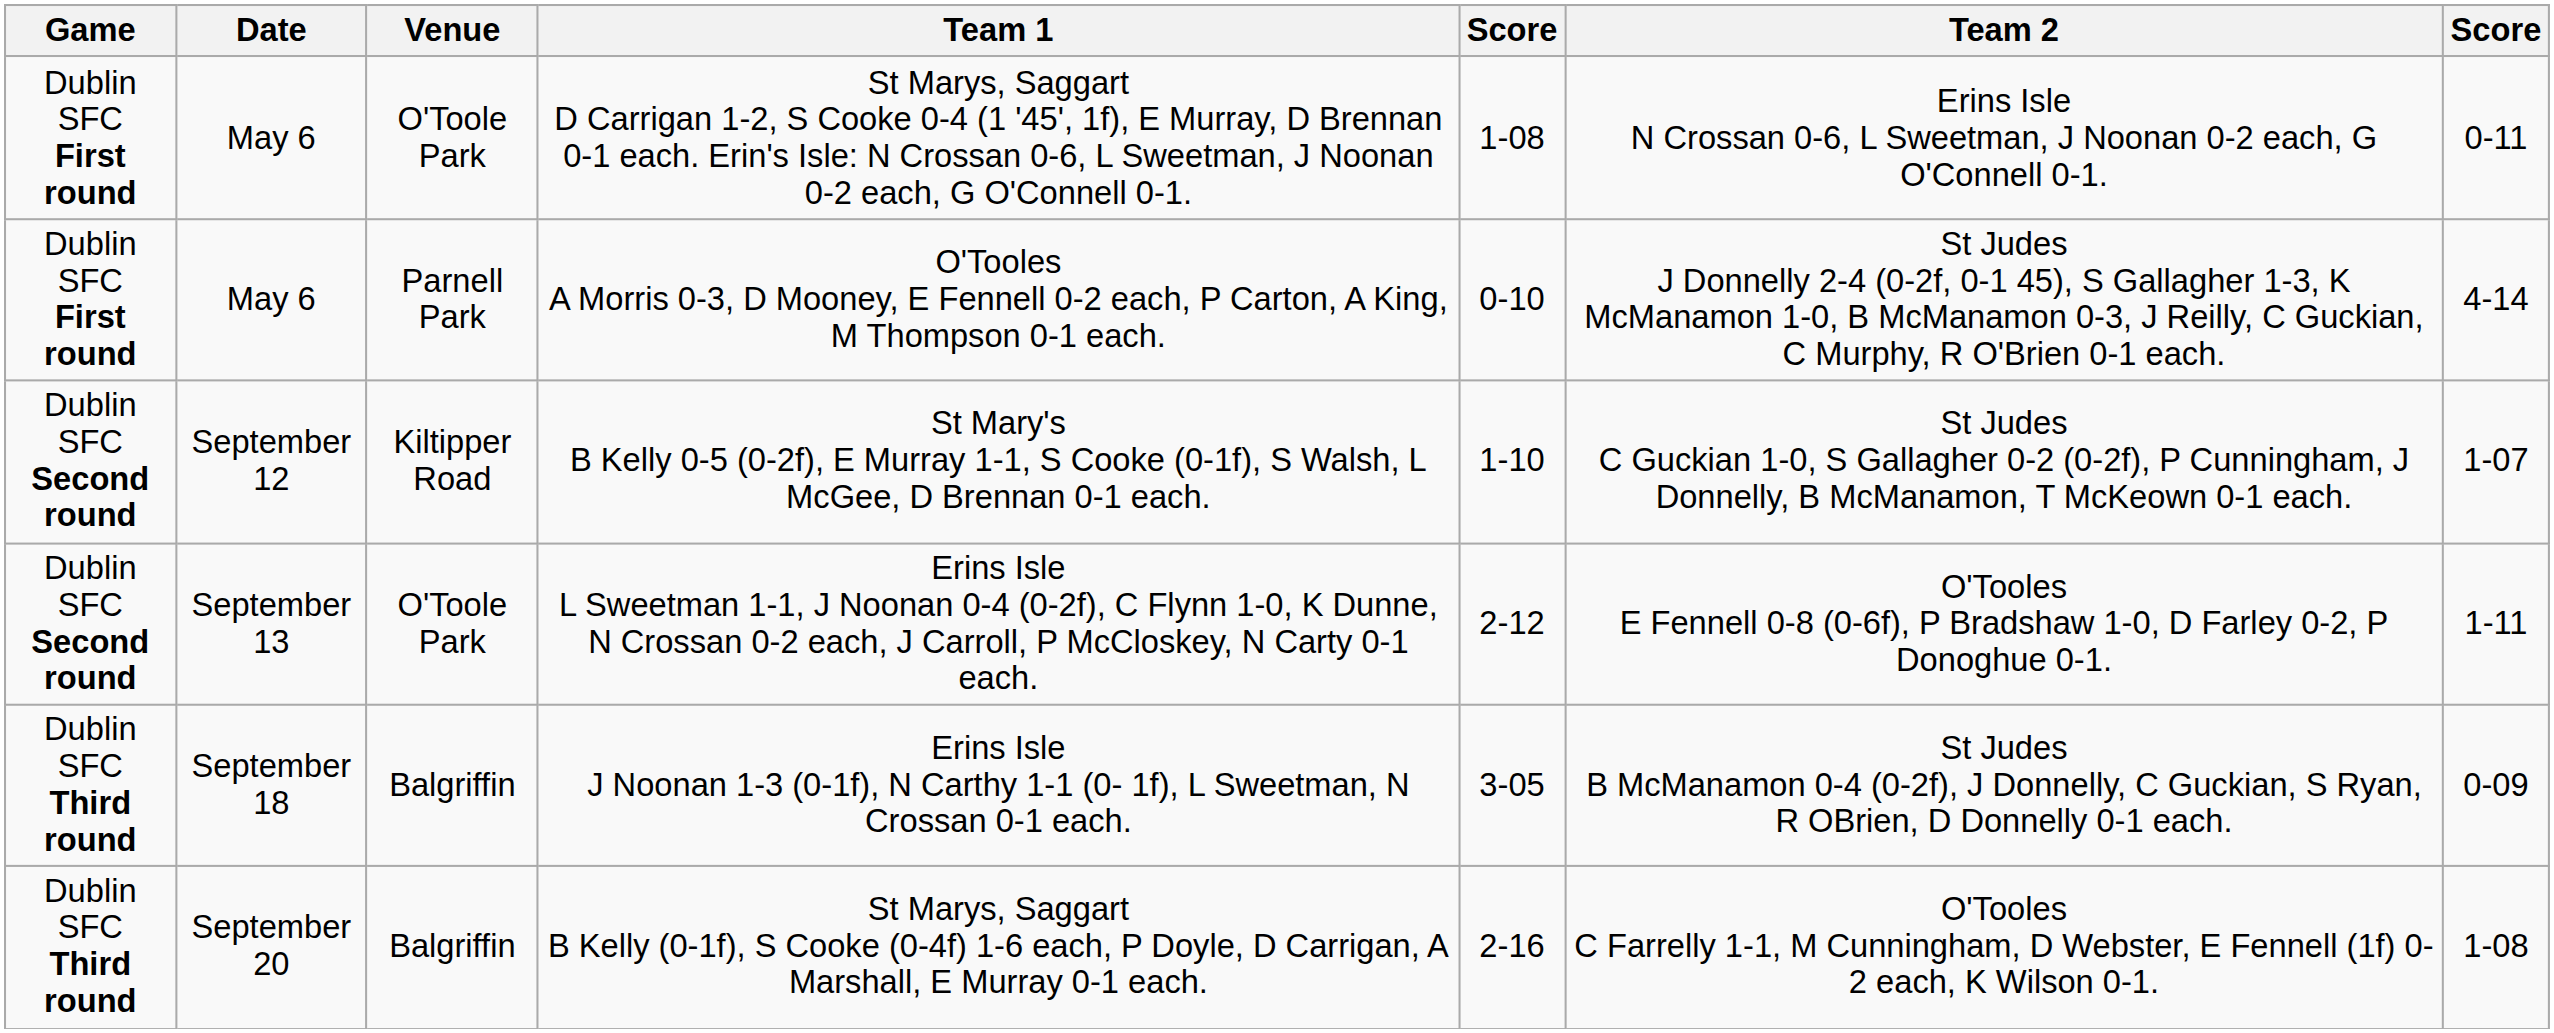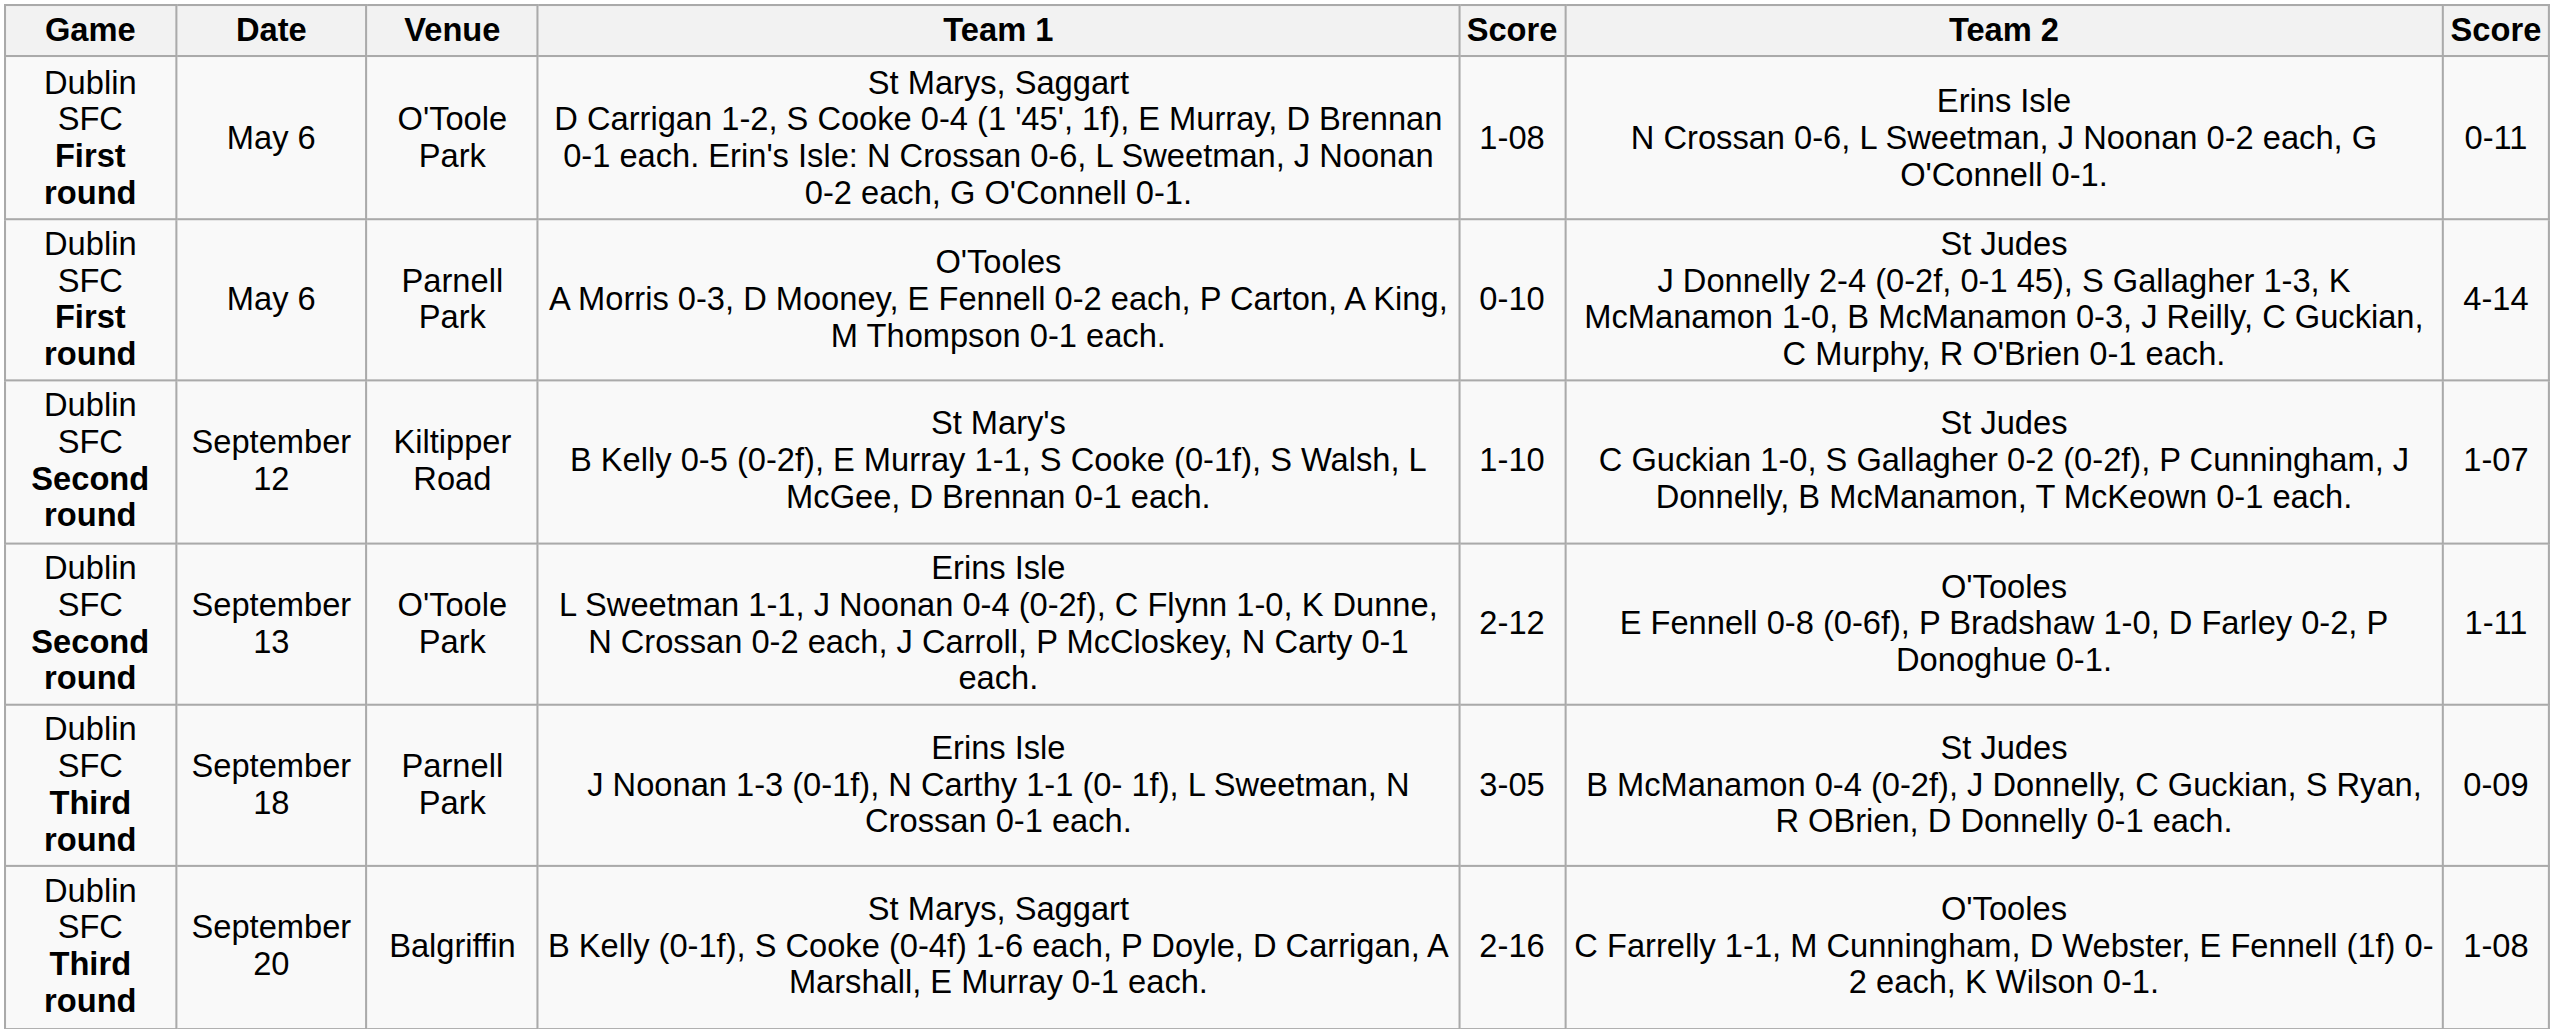 <table class="wikitable">
 <tr>
 <th>Game</th>
 <th>Date</th>
 <th>Venue</th>
 <th>Team 1</th>
 <th>Score</th>
 <th>Team 2</th>
 <th>Score</th>
 </tr>
 <tr style="text-align:center;">
 <td>Dublin SFC<br><strong>First round</strong></td>
 <td>May 6</td>
 <td>O'Toole Park</td>
 <td>St Marys, Saggart<br>D Carrigan 1-2, S Cooke 0-4 (1 '45', 1f), E Murray, D Brennan 0-1 each. Erin's Isle: N Crossan 0-6, L Sweetman, J Noonan 0-2 each, G O'Connell 0-1.</td>
 <td>1-08</td>
 <td>Erins Isle<br>N Crossan 0-6, L Sweetman, J Noonan 0-2 each, G O'Connell 0-1.</td>
 <td>0-11</td>
 </tr>
 <tr style="text-align:center;">
 <td>Dublin SFC<br><strong>First round</strong></td>
 <td>May 6</td>
 <td>Parnell Park</td>
 <td>O'Tooles<br>A Morris 0-3, D Mooney, E Fennell 0-2 each, P Carton, A King, M Thompson 0-1 each.</td>
 <td>0-10</td>
 <td>St Judes<br>J Donnelly 2-4 (0-2f, 0-1 45), S Gallagher 1-3, K McManamon 1-0, B McManamon 0-3, J Reilly, C Guckian, C Murphy, R O'Brien 0-1 each.</td>
 <td>4-14</td>
 </tr>
 <tr style="text-align:center;">
 <td>Dublin SFC<br><strong>Second round</strong></td>
 <td>September 12</td>
 <td>Kiltipper Road</td>
 <td>St Mary's<br>B Kelly 0-5 (0-2f), E Murray 1-1, S Cooke (0-1f), S Walsh, L McGee, D Brennan 0-1 each.</td>
 <td>1-10</td>
 <td>St Judes<br>C Guckian 1-0, S Gallagher 0-2 (0-2f), P Cunningham, J Donnelly, B McManamon, T McKeown 0-1 each.</td>
 <td>1-07</td>
 </tr>
 <tr style="text-align:center;">
 <td>Dublin SFC<br><strong>Second round</strong></td>
 <td>September 13</td>
 <td>O'Toole Park</td>
 <td>Erins Isle<br>L Sweetman 1-1, J Noonan 0-4 (0-2f), C Flynn 1-0, K Dunne, N Crossan 0-2 each, J Carroll, P McCloskey, N Carty 0-1 each.</td>
 <td>2-12</td>
 <td>O'Tooles<br>E Fennell 0-8 (0-6f), P Bradshaw 1-0, D Farley 0-2, P Donoghue 0-1.</td>
 <td>1-11</td>
 </tr>
 <tr style="text-align:center;">
 <td>Dublin SFC<br><strong>Third round</strong></td>
 <td>September 18</td>
-<td>Balgriffin</td>
+<td>Parnell Park</td>
 <td>Erins Isle<br>J Noonan 1-3 (0-1f), N Carthy 1-1 (0- 1f), L Sweetman, N Crossan 0-1 each.</td>
 <td>3-05</td>
 <td>St Judes<br>B McManamon 0-4 (0-2f), J Donnelly, C Guckian, S Ryan, R OBrien, D Donnelly 0-1 each.</td>
 <td>0-09</td>
 </tr>
 <tr style="text-align:center;">
 <td>Dublin SFC<br><strong>Third round</strong></td>
 <td>September 20</td>
 <td>Balgriffin</td>
 <td>St Marys, Saggart<br>B Kelly (0-1f), S Cooke (0-4f) 1-6 each, P Doyle, D Carrigan, A Marshall, E Murray 0-1 each.</td>
 <td>2-16</td>
 <td>O'Tooles<br>C Farrelly 1-1, M Cunningham, D Webster, E Fennell (1f) 0-2 each, K Wilson 0-1.</td>
 <td>1-08</td>
 </tr>
 </table>
